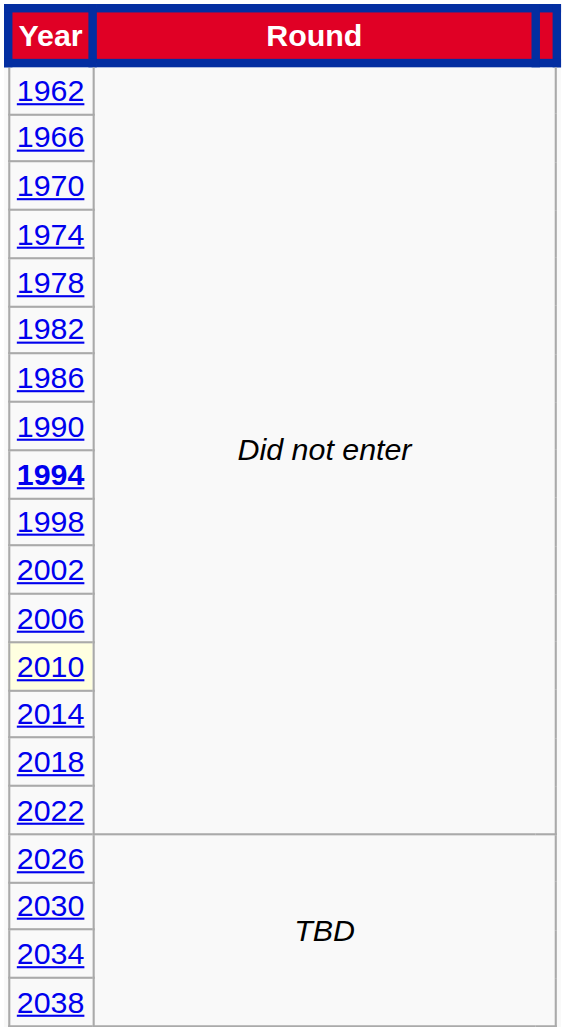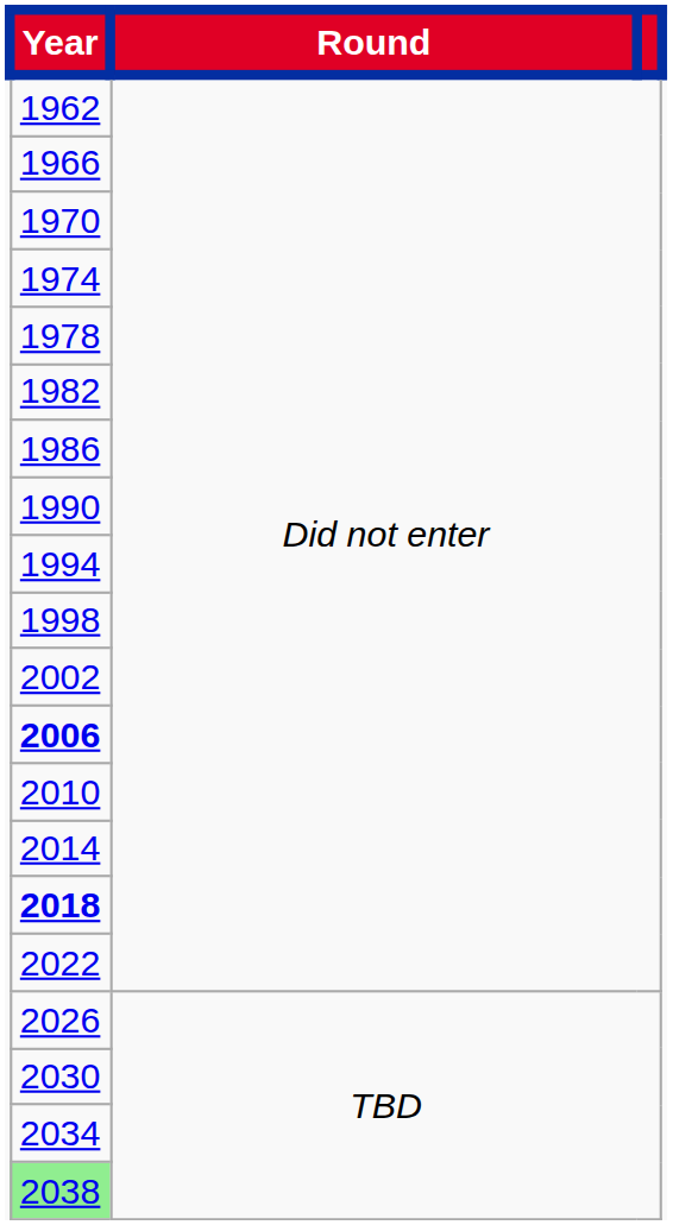 <table class="wikitable" style="text-align: center; font-size:90%">
 <tr style="color:white;">
 <th style="background:#e00025; border: 4px solid #032ea1;">Year</th>
 <th style="background:#e00025; border: 4px solid #032ea1; width:200px">Round</th>
 <th style="background:#e00025; border: 4px solid #032ea1;"></th>
 </tr>
 <tr>
 <td><a href='#'>1962</a></td>
 <td colspan="2" rowspan="16"><em>Did not enter</em></td>
 </tr>
 <tr>
 <td><a href='#'>1966</a></td>
 </tr>
 <tr>
 <td><a href='#'>1970</a></td>
 </tr>
 <tr>
 <td><a href='#'>1974</a></td>
 </tr>
 <tr>
 <td><a href='#'>1978</a></td>
 </tr>
 <tr>
 <td><a href='#'>1982</a></td>
 </tr>
 <tr>
 <td><a href='#'>1986</a></td>
 </tr>
 <tr>
 <td><a href='#'>1990</a></td>
 </tr>
 <tr>
-<td><strong><a href='#'>1994</a></strong></td>
+<td><a href='#'>1994</a></td>
 </tr>
 <tr>
 <td><a href='#'>1998</a></td>
 </tr>
 <tr>
 <td><a href='#'>2002</a></td>
 </tr>
 <tr>
-<td><a href='#'>2006</a></td>
+<td><strong><a href='#'>2006</a></strong></td>
 </tr>
 <tr>
-<td style="background: lightyellow;"><a href='#'>2010</a></td>
+<td><a href='#'>2010</a></td>
 </tr>
 <tr>
 <td><a href='#'>2014</a></td>
 </tr>
 <tr>
-<td><a href='#'>2018</a></td>
+<td><strong><a href='#'>2018</a></strong></td>
 </tr>
 <tr>
 <td><a href='#'>2022</a></td>
 </tr>
 <tr>
 <td><a href='#'>2026</a></td>
 <td colspan="2" rowspan="4"><em>TBD</em></td>
 </tr>
 <tr>
 <td><a href='#'>2030</a></td>
 </tr>
 <tr>
 <td><a href='#'>2034</a></td>
 </tr>
 <tr>
-<td><a href='#'>2038</a></td>
+<td style="background: lightgreen;"><a href='#'>2038</a></td>
 </tr>
 </table>
